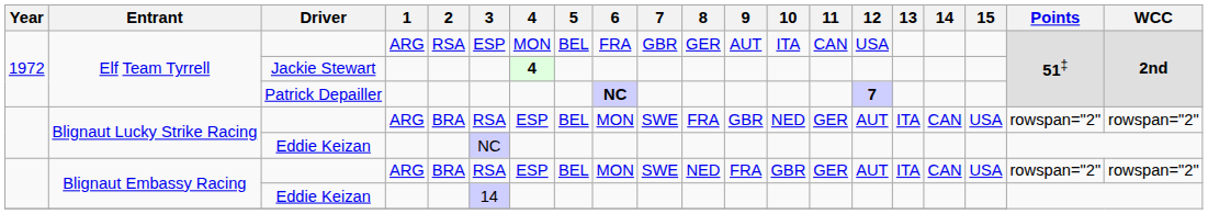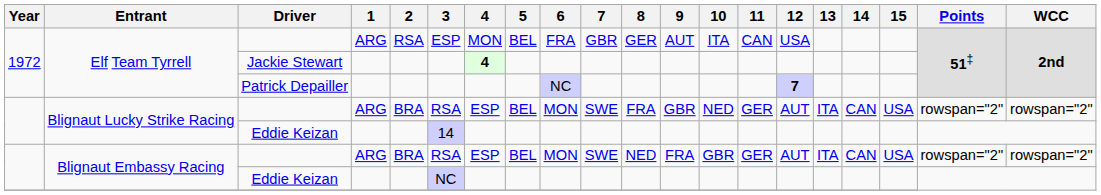 <table class="wikitable" style="text-align:center; font-size:90%">
 <tr>
 <th>Year</th>
 <th>Entrant</th>
 <th>Driver</th>
 <th>1</th>
 <th>2</th>
 <th>3</th>
 <th>4</th>
 <th>5</th>
 <th>6</th>
 <th>7</th>
 <th>8</th>
 <th>9</th>
 <th>10</th>
 <th>11</th>
 <th>12</th>
 <th>13</th>
 <th>14</th>
 <th>15</th>
 <th><a href='#'>Points</a></th>
 <th>WCC</th>
 </tr>
 <tr>
 <td rowspan="3"><a href='#'>1972</a></td>
 <td rowspan="3"><a href='#'>Elf</a> <a href='#'>Team Tyrrell</a></td>
 <td></td>
 <td><a href='#'>ARG</a></td>
 <td><a href='#'>RSA</a></td>
 <td><a href='#'>ESP</a></td>
 <td><a href='#'>MON</a></td>
 <td><a href='#'>BEL</a></td>
 <td><a href='#'>FRA</a></td>
 <td><a href='#'>GBR</a></td>
 <td><a href='#'>GER</a></td>
 <td><a href='#'>AUT</a></td>
 <td><a href='#'>ITA</a></td>
 <td><a href='#'>CAN</a></td>
 <td><a href='#'>USA</a></td>
 <td></td>
 <td></td>
 <td></td>
 <td rowspan="3" style="background:#dfdfdf;"><strong>51</strong><sup>‡</sup></td>
 <td rowspan="3" style="background:#dfdfdf;"><strong>2nd</strong></td>
 </tr>
 <tr>
 <td> <a href='#'>Jackie Stewart</a></td>
 <td></td>
 <td></td>
 <td></td>
 <td style="background:#dfffdf;"><strong>4</strong></td>
 <td></td>
 <td></td>
 <td></td>
 <td></td>
 <td></td>
 <td></td>
 <td></td>
 <td></td>
 <td></td>
 <td></td>
 <td></td>
 </tr>
 <tr>
 <td> <a href='#'>Patrick Depailler</a></td>
 <td></td>
 <td></td>
 <td></td>
 <td></td>
 <td></td>
-<td style="background:#cfcfff;"><strong>NC</strong></td>
+<td style="background:#cfcfff;">NC</td>
 <td></td>
 <td></td>
 <td></td>
 <td></td>
 <td></td>
 <td style="background:#cfcfff;"><strong>7</strong></td>
 <td></td>
 <td></td>
 <td></td>
 </tr>
 <tr>
 <td rowspan="2"></td>
 <td rowspan="2"><a href='#'>Blignaut Lucky Strike Racing</a></td>
 <td></td>
 <td><a href='#'>ARG</a></td>
 <td><a href='#'>BRA</a></td>
 <td><a href='#'>RSA</a></td>
 <td><a href='#'>ESP</a></td>
 <td><a href='#'>BEL</a></td>
 <td><a href='#'>MON</a></td>
 <td><a href='#'>SWE</a></td>
 <td><a href='#'>FRA</a></td>
 <td><a href='#'>GBR</a></td>
 <td><a href='#'>NED</a></td>
 <td><a href='#'>GER</a></td>
 <td><a href='#'>AUT</a></td>
 <td><a href='#'>ITA</a></td>
 <td><a href='#'>CAN</a></td>
 <td><a href='#'>USA</a></td>
 <td>rowspan="2" </td>
 <td>rowspan="2" </td>
 </tr>
 <tr>
 <td> <a href='#'>Eddie Keizan</a></td>
 <td></td>
 <td></td>
-<td style="background:#CFCFFF;">NC</td>
+<td style="background:#CFCFFF;">14</td>
 <td></td>
 <td></td>
 <td></td>
 <td></td>
 <td></td>
 <td></td>
 <td></td>
 <td></td>
 <td></td>
 <td></td>
 <td></td>
 <td></td>
 </tr>
 <tr>
 <td rowspan="2"></td>
 <td rowspan="2"><a href='#'>Blignaut Embassy Racing</a></td>
 <td></td>
 <td><a href='#'>ARG</a></td>
 <td><a href='#'>BRA</a></td>
 <td><a href='#'>RSA</a></td>
 <td><a href='#'>ESP</a></td>
 <td><a href='#'>BEL</a></td>
 <td><a href='#'>MON</a></td>
 <td><a href='#'>SWE</a></td>
 <td><a href='#'>NED</a></td>
 <td><a href='#'>FRA</a></td>
 <td><a href='#'>GBR</a></td>
 <td><a href='#'>GER</a></td>
 <td><a href='#'>AUT</a></td>
 <td><a href='#'>ITA</a></td>
 <td><a href='#'>CAN</a></td>
 <td><a href='#'>USA</a></td>
 <td>rowspan="2" </td>
 <td>rowspan="2" </td>
 </tr>
 <tr>
 <td> <a href='#'>Eddie Keizan</a></td>
 <td></td>
 <td></td>
-<td style="background:#CFCFFF;">14</td>
+<td style="background:#CFCFFF;">NC</td>
 <td></td>
 <td></td>
 <td></td>
 <td></td>
 <td></td>
 <td></td>
 <td></td>
 <td></td>
 <td></td>
 <td></td>
 <td></td>
 <td></td>
 </tr>
 <tr>
 </tr>
 </table>
